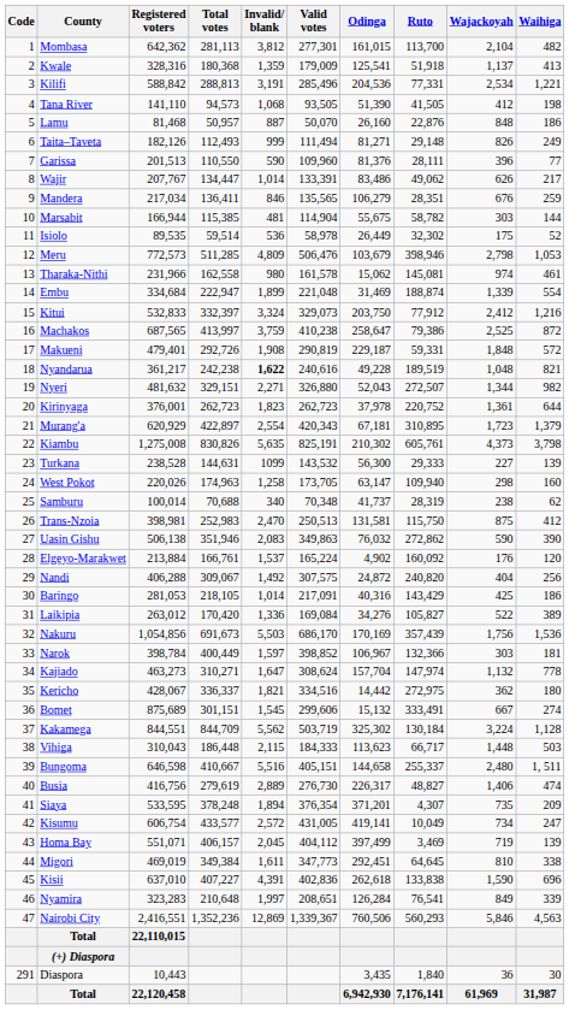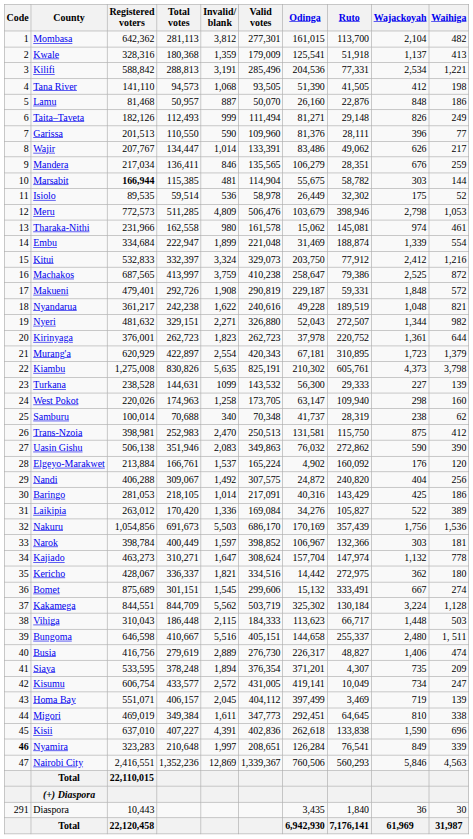 <table class="wikitable sortable mw-collapsible" style=text-align:right>
 <tr>
 <th>Code</th>
 <th>County</th>
 <th>Registered<br>voters</th>
 <th>Total<br>votes</th>
 <th>Invalid/<br>blank</th>
 <th>Valid<br>votes</th>
 <th><a href='#'>Odinga</a></th>
 <th><a href='#'>Ruto</a></th>
 <th><a href='#'>Wajackoyah</a></th>
 <th><a href='#'>Waihiga</a></th>
 </tr>
 <tr>
 <td>1</td>
 <td align=left><a href='#'>Mombasa</a></td>
 <td>642,362</td>
 <td>281,113</td>
 <td>3,812</td>
 <td>277,301</td>
 <td>161,015</td>
 <td>113,700</td>
 <td>2,104</td>
 <td>482</td>
 </tr>
 <tr>
 <td>2</td>
 <td align=left><a href='#'>Kwale</a></td>
 <td>328,316</td>
 <td>180,368</td>
 <td>1,359</td>
 <td>179,009</td>
 <td style="text-align:right;">125,541</td>
 <td>51,918</td>
 <td>1,137</td>
 <td>413</td>
 </tr>
 <tr>
 <td>3</td>
 <td align=left><a href='#'>Kilifi</a></td>
 <td>588,842</td>
 <td>288,813</td>
 <td>3,191</td>
 <td>285,496</td>
 <td>204,536</td>
 <td>77,331</td>
 <td>2,534</td>
 <td>1,221</td>
 </tr>
 <tr>
 <td>4</td>
 <td align=left><a href='#'>Tana River</a></td>
 <td>141,110</td>
 <td>94,573</td>
 <td>1,068</td>
 <td>93,505</td>
 <td>51,390</td>
 <td>41,505</td>
 <td>412</td>
 <td>198</td>
 </tr>
 <tr>
 <td>5</td>
 <td align=left><a href='#'>Lamu</a></td>
 <td>81,468</td>
 <td>50,957</td>
 <td>887</td>
 <td>50,070</td>
 <td>26,160</td>
 <td>22,876</td>
 <td>848</td>
 <td>186</td>
 </tr>
 <tr>
 <td>6</td>
 <td align=left><a href='#'>Taita–Taveta</a></td>
 <td>182,126</td>
 <td>112,493</td>
 <td>999</td>
 <td>111,494</td>
 <td>81,271</td>
 <td>29,148</td>
 <td>826</td>
 <td>249</td>
 </tr>
 <tr>
 <td>7</td>
 <td align=left><a href='#'>Garissa</a></td>
 <td>201,513</td>
 <td>110,550</td>
 <td>590</td>
 <td>109,960</td>
 <td>81,376</td>
 <td>28,111</td>
 <td>396</td>
 <td>77</td>
 </tr>
 <tr>
 <td>8</td>
 <td align=left><a href='#'>Wajir</a></td>
 <td>207,767</td>
 <td>134,447</td>
 <td>1,014</td>
 <td>133,391</td>
 <td>83,486</td>
 <td>49,062</td>
 <td>626</td>
 <td>217</td>
 </tr>
 <tr>
 <td>9</td>
 <td align=left><a href='#'>Mandera</a></td>
 <td>217,034</td>
 <td>136,411</td>
 <td>846</td>
 <td>135,565</td>
 <td>106,279</td>
 <td>28,351</td>
 <td>676</td>
 <td>259</td>
 </tr>
 <tr>
 <td>10</td>
 <td align=left><a href='#'>Marsabit</a></td>
-<td>166,944</td>
+<td><strong>166,944</strong></td>
 <td>115,385</td>
 <td>481</td>
 <td>114,904</td>
 <td>55,675</td>
 <td>58,782</td>
 <td>303</td>
 <td>144</td>
 </tr>
 <tr>
 <td>11</td>
 <td align=left><a href='#'>Isiolo</a></td>
 <td>89,535</td>
 <td>59,514</td>
 <td>536</td>
 <td>58,978</td>
 <td>26,449</td>
 <td>32,302</td>
 <td>175</td>
 <td>52</td>
 </tr>
 <tr>
 <td>12</td>
 <td align=left><a href='#'>Meru</a></td>
 <td>772,573</td>
 <td>511,285</td>
 <td>4,809</td>
 <td>506,476</td>
 <td>103,679</td>
 <td>398,946</td>
 <td>2,798</td>
 <td>1,053</td>
 </tr>
 <tr>
 <td>13</td>
 <td align=left><a href='#'>Tharaka-Nithi</a></td>
 <td>231,966</td>
 <td>162,558</td>
 <td>980</td>
 <td>161,578</td>
 <td>15,062</td>
 <td>145,081</td>
 <td>974</td>
 <td>461</td>
 </tr>
 <tr>
 <td>14</td>
 <td align=left><a href='#'>Embu</a></td>
 <td>334,684</td>
 <td>222,947</td>
 <td>1,899</td>
 <td>221,048</td>
 <td>31,469</td>
 <td>188,874</td>
 <td>1,339</td>
 <td>554</td>
 </tr>
 <tr>
 <td>15</td>
 <td align=left><a href='#'>Kitui</a></td>
 <td>532,833</td>
 <td>332,397</td>
 <td>3,324</td>
 <td>329,073</td>
 <td>203,750</td>
 <td>77,912</td>
 <td>2,412</td>
 <td>1,216</td>
 </tr>
 <tr>
 <td>16</td>
 <td align=left><a href='#'>Machakos</a></td>
 <td>687,565</td>
 <td>413,997</td>
 <td>3,759</td>
 <td>410,238</td>
 <td>258,647</td>
 <td>79,386</td>
 <td>2,525</td>
 <td>872</td>
 </tr>
 <tr>
 <td>17</td>
 <td align=left><a href='#'>Makueni</a></td>
 <td>479,401</td>
 <td>292,726</td>
 <td>1,908</td>
 <td>290,819</td>
 <td>229,187</td>
 <td>59,331</td>
 <td>1,848</td>
 <td>572</td>
 </tr>
 <tr>
 <td>18</td>
 <td align=left><a href='#'>Nyandarua</a></td>
 <td>361,217</td>
 <td>242,238</td>
-<td><strong>1,622</strong></td>
+<td>1,622</td>
 <td>240,616</td>
 <td>49,228</td>
 <td>189,519</td>
 <td>1,048</td>
 <td>821</td>
 </tr>
 <tr>
 <td>19</td>
 <td align=left><a href='#'>Nyeri</a></td>
 <td>481,632</td>
 <td>329,151</td>
 <td>2,271</td>
 <td>326,880</td>
 <td>52,043</td>
 <td>272,507</td>
 <td>1,344</td>
 <td>982</td>
 </tr>
 <tr>
 <td>20</td>
 <td align=left><a href='#'>Kirinyaga</a></td>
 <td>376,001</td>
 <td>262,723</td>
 <td>1,823</td>
 <td>262,723</td>
 <td>37,978</td>
 <td>220,752</td>
 <td>1,361</td>
 <td>644</td>
 </tr>
 <tr>
 <td>21</td>
 <td align=left><a href='#'>Murang'a</a></td>
 <td>620,929</td>
 <td>422,897</td>
 <td>2,554</td>
 <td>420,343</td>
 <td>67,181</td>
 <td>310,895</td>
 <td>1,723</td>
 <td>1,379</td>
 </tr>
 <tr>
 <td>22</td>
 <td align=left><a href='#'>Kiambu</a></td>
 <td>1,275,008</td>
 <td>830,826</td>
 <td>5,635</td>
 <td>825,191</td>
 <td>210,302</td>
 <td>605,761</td>
 <td>4,373</td>
 <td>3,798</td>
 </tr>
 <tr>
 <td>23</td>
 <td align=left><a href='#'>Turkana</a></td>
 <td>238,528</td>
 <td>144,631</td>
 <td>1099</td>
 <td>143,532</td>
 <td>56,300</td>
 <td>29,333</td>
 <td>227</td>
 <td>139</td>
 </tr>
 <tr>
 <td>24</td>
 <td align=left><a href='#'>West Pokot</a></td>
 <td>220,026</td>
 <td>174,963</td>
 <td>1,258</td>
 <td>173,705</td>
 <td>63,147</td>
 <td>109,940</td>
 <td>298</td>
 <td>160</td>
 </tr>
 <tr>
 <td>25</td>
 <td align=left><a href='#'>Samburu</a></td>
 <td>100,014</td>
 <td>70,688</td>
 <td>340</td>
 <td>70,348</td>
 <td>41,737</td>
 <td>28,319</td>
 <td>238</td>
 <td>62</td>
 </tr>
 <tr>
 <td>26</td>
 <td align=left><a href='#'>Trans-Nzoia</a></td>
 <td>398,981</td>
 <td>252,983</td>
 <td>2,470</td>
 <td>250,513</td>
 <td>131,581</td>
 <td>115,750</td>
 <td>875</td>
 <td>412</td>
 </tr>
 <tr>
 <td>27</td>
 <td align=left><a href='#'>Uasin Gishu</a></td>
 <td>506,138</td>
 <td>351,946</td>
 <td>2,083</td>
 <td>349,863</td>
 <td>76,032</td>
 <td>272,862</td>
 <td>590</td>
 <td>390</td>
 </tr>
 <tr>
 <td>28</td>
 <td align=left><a href='#'>Elgeyo-Marakwet</a></td>
 <td>213,884</td>
 <td>166,761</td>
 <td>1,537</td>
 <td>165,224</td>
 <td>4,902</td>
 <td>160,092</td>
 <td>176</td>
 <td>120</td>
 </tr>
 <tr>
 <td>29</td>
 <td align=left><a href='#'>Nandi</a></td>
 <td>406,288</td>
 <td>309,067</td>
 <td>1,492</td>
 <td>307,575</td>
 <td>24,872</td>
 <td>240,820</td>
 <td>404</td>
 <td>256</td>
 </tr>
 <tr>
 <td>30</td>
 <td align=left><a href='#'>Baringo</a></td>
 <td>281,053</td>
 <td>218,105</td>
 <td>1,014</td>
 <td>217,091</td>
 <td>40,316</td>
 <td>143,429</td>
 <td>425</td>
 <td>186</td>
 </tr>
 <tr>
 <td>31</td>
 <td align=left><a href='#'>Laikipia</a></td>
 <td>263,012</td>
 <td>170,420</td>
 <td>1,336</td>
 <td>169,084</td>
 <td>34,276</td>
 <td>105,827</td>
 <td>522</td>
 <td>389</td>
 </tr>
 <tr>
 <td>32</td>
 <td align=left><a href='#'>Nakuru</a></td>
 <td>1,054,856</td>
 <td>691,673</td>
 <td>5,503</td>
 <td>686,170</td>
 <td>170,169</td>
 <td>357,439</td>
 <td>1,756</td>
 <td>1,536</td>
 </tr>
 <tr>
 <td>33</td>
 <td align=left><a href='#'>Narok</a></td>
 <td>398,784</td>
 <td>400,449</td>
 <td>1,597</td>
 <td>398,852</td>
 <td>106,967</td>
 <td>132,366</td>
 <td>303</td>
 <td>181</td>
 </tr>
 <tr>
 <td>34</td>
 <td align=left><a href='#'>Kajiado</a></td>
 <td>463,273</td>
 <td>310,271</td>
 <td>1,647</td>
 <td>308,624</td>
 <td>157,704</td>
 <td>147,974</td>
 <td>1,132</td>
 <td>778</td>
 </tr>
 <tr>
 <td>35</td>
 <td align=left><a href='#'>Kericho</a></td>
 <td>428,067</td>
 <td>336,337</td>
 <td>1,821</td>
 <td>334,516</td>
 <td>14,442</td>
 <td>272,975</td>
 <td>362</td>
 <td>180</td>
 </tr>
 <tr>
 <td>36</td>
 <td align=left><a href='#'>Bomet</a></td>
 <td>875,689</td>
 <td>301,151</td>
 <td>1,545</td>
 <td>299,606</td>
 <td>15,132</td>
 <td>333,491</td>
 <td>667</td>
 <td>274</td>
 </tr>
 <tr>
 <td>37</td>
 <td align=left><a href='#'>Kakamega</a></td>
 <td>844,551</td>
 <td>844,709</td>
 <td>5,562</td>
 <td>503,719</td>
 <td>325,302</td>
 <td>130,184</td>
 <td>3,224</td>
 <td>1,128</td>
 </tr>
 <tr>
 <td>38</td>
 <td align=left><a href='#'>Vihiga</a></td>
 <td>310,043</td>
 <td>186,448</td>
 <td>2,115</td>
 <td>184,333</td>
 <td>113,623</td>
 <td>66,717</td>
 <td>1,448</td>
 <td>503</td>
 </tr>
 <tr>
 <td>39</td>
 <td align=left><a href='#'>Bungoma</a></td>
 <td>646,598</td>
 <td>410,667</td>
 <td>5,516</td>
 <td>405,151</td>
 <td>144,658</td>
 <td>255,337</td>
 <td>2,480</td>
 <td>1, 511</td>
 </tr>
 <tr>
 <td>40</td>
 <td align=left><a href='#'>Busia</a></td>
 <td>416,756</td>
 <td>279,619</td>
 <td>2,889</td>
 <td>276,730</td>
 <td>226,317</td>
 <td>48,827</td>
 <td>1,406</td>
 <td>474</td>
 </tr>
 <tr>
 <td>41</td>
 <td align=left><a href='#'>Siaya</a></td>
 <td>533,595</td>
 <td>378,248</td>
 <td>1,894</td>
 <td>376,354</td>
 <td>371,201</td>
 <td>4,307</td>
 <td>735</td>
 <td>209</td>
 </tr>
 <tr>
 <td>42</td>
 <td align=left><a href='#'>Kisumu</a></td>
 <td>606,754</td>
 <td>433,577</td>
 <td>2,572</td>
 <td>431,005</td>
 <td>419,141</td>
 <td>10,049</td>
 <td>734</td>
 <td>247</td>
 </tr>
 <tr>
 <td>43</td>
 <td align=left><a href='#'>Homa Bay</a></td>
 <td>551,071</td>
 <td>406,157</td>
 <td>2,045</td>
 <td>404,112</td>
 <td>397,499</td>
 <td>3,469</td>
 <td>719</td>
 <td>139</td>
 </tr>
 <tr>
 <td>44</td>
 <td align=left><a href='#'>Migori</a></td>
 <td>469,019</td>
 <td>349,384</td>
 <td>1,611</td>
 <td>347,773</td>
 <td>292,451</td>
 <td>64,645</td>
 <td>810</td>
 <td>338</td>
 </tr>
 <tr>
 <td>45</td>
 <td align=left><a href='#'>Kisii</a></td>
 <td>637,010</td>
 <td>407,227</td>
 <td>4,391</td>
 <td>402,836</td>
 <td>262,618</td>
 <td>133,838</td>
 <td>1,590</td>
 <td>696</td>
 </tr>
 <tr>
-<td>46</td>
+<td><strong>46</strong></td>
 <td align=left><a href='#'>Nyamira</a></td>
 <td>323,283</td>
 <td>210,648</td>
 <td>1,997</td>
 <td>208,651</td>
 <td>126,284</td>
 <td>76,541</td>
 <td>849</td>
 <td>339</td>
 </tr>
 <tr>
 <td>47</td>
 <td align=left><a href='#'>Nairobi City</a></td>
 <td>2,416,551</td>
 <td>1,352,236</td>
 <td>12,869</td>
 <td>1,339,367</td>
 <td>760,506</td>
 <td>560,293</td>
 <td>5,846</td>
 <td>4,563</td>
 </tr>
 <tr>
 <th></th>
 <th>Total</th>
 <th>22,110,015</th>
 <th></th>
 <th></th>
 <th></th>
 <th></th>
 <th></th>
 <th></th>
 <th></th>
 </tr>
 <tr>
 <th></th>
 <th><em>(+) Diaspora</em></th>
 <th></th>
 <th></th>
 <th></th>
 <th></th>
 <th></th>
 <th></th>
 <th></th>
 <th></th>
 </tr>
 <tr>
 <td>291</td>
 <td align=left>Diaspora</td>
 <td>10,443</td>
 <td></td>
 <td></td>
 <td></td>
 <td>3,435</td>
 <td>1,840</td>
 <td>36</td>
 <td>30</td>
 </tr>
 <tr>
 <th></th>
 <th>Total</th>
 <th>22,120,458</th>
 <th></th>
 <th></th>
 <th></th>
 <th>6,942,930</th>
 <th>7,176,141</th>
 <th>61,969</th>
 <th>31,987</th>
 </tr>
 </table>
